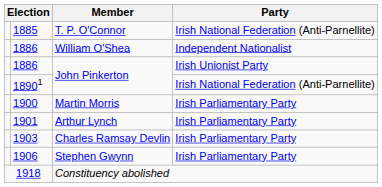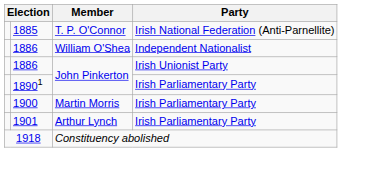 <table class="wikitable">
 <tr>
 <th colspan="2">Election</th>
 <th>Member</th>
 <th>Party</th>
 </tr>
 <tr>
 <td style="color:inherit;background-color: "></td>
 <td><a href='#'>1885</a></td>
 <td><a href='#'>T. P. O'Connor</a></td>
 <td><a href='#'>Irish National Federation</a> (Anti-Parnellite)</td>
 </tr>
 <tr>
 <td style="color:inherit;background-color: "></td>
 <td><a href='#'>1886</a></td>
 <td><a href='#'>William O'Shea</a></td>
 <td><a href='#'>Independent Nationalist</a></td>
 </tr>
 <tr>
 <td style="color:inherit;background-color: "></td>
 <td><a href='#'>1886</a></td>
 <td rowspan=2><a href='#'>John Pinkerton</a></td>
 <td><a href='#'>Irish Unionist Party</a></td>
 </tr>
 <tr>
 <td style="color:inherit;background-color: "></td>
 <td><a href='#'>1890</a><sup>1</sup></td>
-<td><a href='#'>Irish National Federation</a> (Anti-Parnellite)</td>
+<td><a href='#'>Irish Parliamentary Party</a></td>
 </tr>
 <tr>
 <td style="color:inherit;background-color: "></td>
 <td><a href='#'>1900</a></td>
 <td><a href='#'>Martin Morris</a></td>
 <td><a href='#'>Irish Parliamentary Party</a></td>
 </tr>
 <tr>
 <td style="color:inherit;background-color: "></td>
 <td><a href='#'>1901</a></td>
 <td><a href='#'>Arthur Lynch</a></td>
 <td><a href='#'>Irish Parliamentary Party</a></td>
 </tr>
 <tr>
-<td style="color:inherit;background-color: "></td>
-<td><a href='#'>1903</a></td>
-<td><a href='#'>Charles Ramsay Devlin</a></td>
-<td><a href='#'>Irish Parliamentary Party</a></td>
-</tr>
-<tr>
-<td style="color:inherit;background-color: "></td>
-<td><a href='#'>1906</a></td>
-<td><a href='#'>Stephen Gwynn</a></td>
-<td><a href='#'>Irish Parliamentary Party</a></td>
-</tr>
-<tr>
 <td colspan="2" align="center"><a href='#'>1918</a></td>
 <td colspan="2"><em>Constituency abolished</em></td>
 </tr>
 </table>
